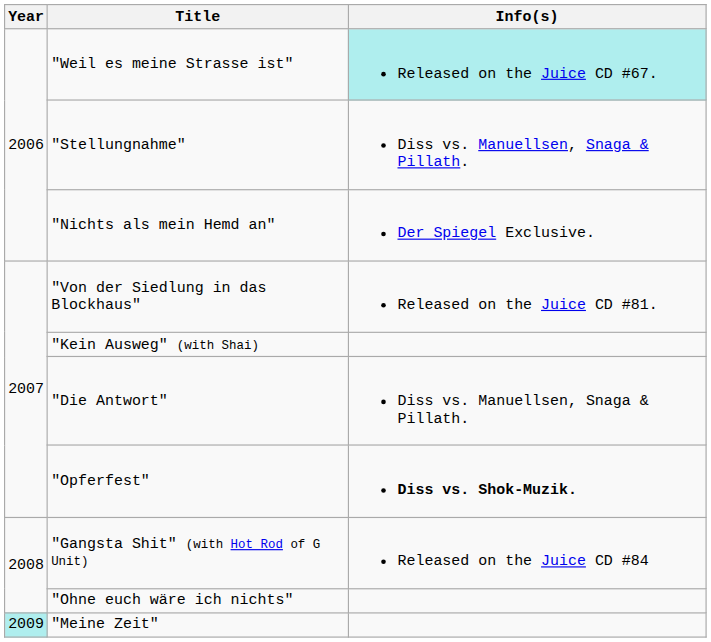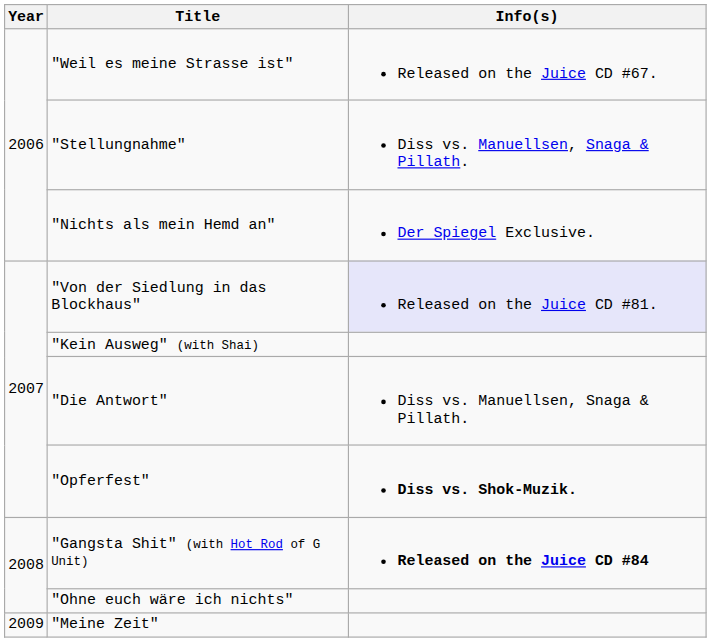 <table class="wikitable">
 <tr>
 <th>Year</th>
 <th>Title</th>
 <th>Info(s)</th>
 </tr>
 <tr>
 <td rowspan="3">2006</td>
 <td>"Weil es meine Strasse ist"</td>
-<td style="background: paleturquoise;"><br><ul><li>Released on the <a href='#'>Juice</a> CD #67.</li></ul></td>
+<td><br><ul><li>Released on the <a href='#'>Juice</a> CD #67.</li></ul></td>
 </tr>
 <tr>
 <td>"Stellungnahme"</td>
 <td><br><ul><li>Diss vs. <a href='#'>Manuellsen</a>, <a href='#'>Snaga & Pillath</a>.</li></ul></td>
 </tr>
 <tr>
 <td>"Nichts als mein Hemd an"</td>
 <td><br><ul><li><a href='#'>Der Spiegel</a> Exclusive.</li></ul></td>
 </tr>
 <tr>
 <td rowspan="4">2007</td>
 <td>"Von der Siedlung in das Blockhaus"</td>
-<td><br><ul><li>Released on the <a href='#'>Juice</a> CD #81.</li></ul></td>
+<td style="background: lavender;"><br><ul><li>Released on the <a href='#'>Juice</a> CD #81.</li></ul></td>
 </tr>
 <tr>
 <td>"Kein Ausweg" <small>(with Shai)</small></td>
 <td></td>
 </tr>
 <tr>
 <td>"Die Antwort"</td>
 <td><br><ul><li>Diss vs. Manuellsen, Snaga & Pillath.</li></ul></td>
 </tr>
 <tr>
 <td>"Opferfest"</td>
 <td><strong><br><ul><li>Diss vs. Shok-Muzik.</li></ul></strong></td>
 </tr>
 <tr>
 <td rowspan="2">2008</td>
 <td>"Gangsta Shit" <small>(with <a href='#'>Hot Rod</a> of G Unit)</small></td>
-<td><br><ul><li>Released on the <a href='#'>Juice</a> CD #84</li></ul></td>
+<td><strong><br><ul><li>Released on the <a href='#'>Juice</a> CD #84</li></ul></strong></td>
 </tr>
 <tr>
 <td>"Ohne euch wäre ich nichts"</td>
 <td></td>
 </tr>
 <tr>
-<td style="background: paleturquoise;">2009</td>
+<td>2009</td>
 <td>"Meine Zeit"</td>
 <td></td>
 </tr>
 </table>
